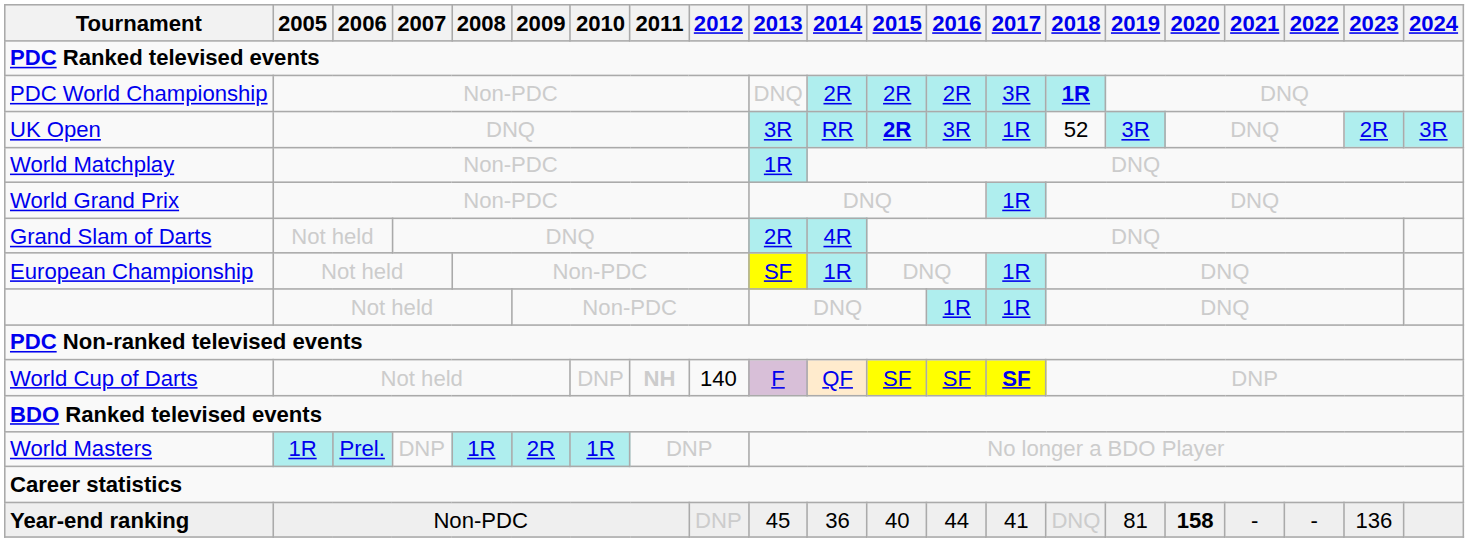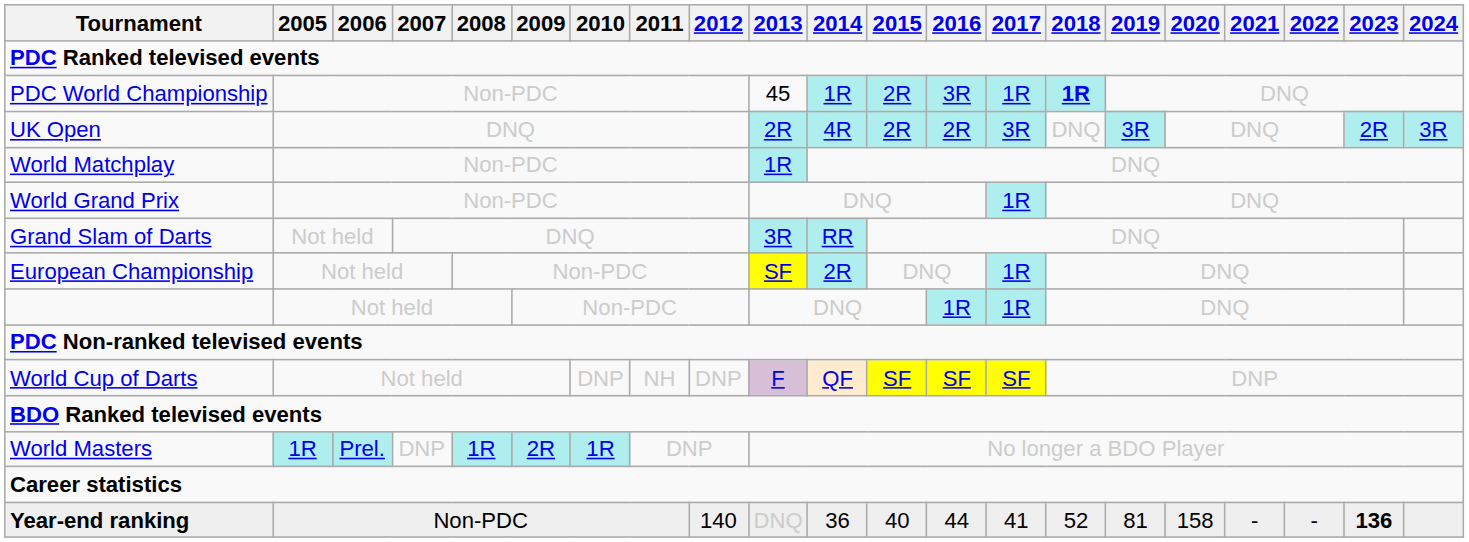 <table class=wikitable style=text-align:center;font-size:88%>
 <tr>
 <th>Tournament</th>
 <th>2005</th>
 <th>2006</th>
 <th>2007</th>
 <th>2008</th>
 <th>2009</th>
 <th>2010</th>
 <th>2011</th>
 <th><a href='#'>2012</a></th>
 <th><a href='#'>2013</a></th>
 <th><a href='#'>2014</a></th>
 <th><a href='#'>2015</a></th>
 <th><a href='#'>2016</a></th>
 <th><a href='#'>2017</a></th>
 <th><a href='#'>2018</a></th>
 <th><a href='#'>2019</a></th>
 <th><a href='#'>2020</a></th>
 <th><a href='#'>2021</a></th>
 <th><a href='#'>2022</a></th>
 <th><a href='#'>2023</a></th>
 <th><a href='#'>2024</a></th>
 </tr>
 <tr>
 <td colspan="28" align="left"><strong><a href='#'>PDC</a> Ranked televised events</strong></td>
 </tr>
 <tr>
 <td align=left><a href='#'>PDC World Championship</a></td>
 <td colspan="8" style="text-align:center; color:#ccc;">Non-PDC</td>
-<td style="text-align:center; color:#ccc;">DNQ</td>
-<td style="text-align:center; background:#afeeee;"><a href='#'>2R</a></td>
-<td style="text-align:center; background:#afeeee;"><a href='#'>2R</a></td>
+<td style="text-align:center;">45</td>
+<td style="text-align:center; background:#afeeee;"><a href='#'>1R</a></td>
 <td style="text-align:center; background:#afeeee;"><a href='#'>2R</a></td>
 <td style="text-align:center; background:#afeeee;"><a href='#'>3R</a></td>
+<td style="text-align:center; background:#afeeee;"><a href='#'>1R</a></td>
 <td style="text-align:center; background:#afeeee;"><strong><a href='#'>1R</a></strong></td>
 <td colspan="6" style="text-align:center; color:#ccc;">DNQ</td>
 </tr>
 <tr>
 <td align=left><a href='#'>UK Open</a></td>
 <td colspan="8" style="text-align:center; color:#ccc;">DNQ</td>
+<td style="text-align:center; background:#afeeee;"><a href='#'>2R</a></td>
+<td style="text-align:center; background:#afeeee;"><a href='#'>4R</a></td>
+<td style="text-align:center; background:#afeeee;"><a href='#'>2R</a></td>
+<td style="text-align:center; background:#afeeee;"><a href='#'>2R</a></td>
 <td style="text-align:center; background:#afeeee;"><a href='#'>3R</a></td>
-<td style="text-align:center; background:#afeeee;"><a href='#'>RR</a></td>
-<td style="text-align:center; background:#afeeee;"><strong><a href='#'>2R</a></strong></td>
-<td style="text-align:center; background:#afeeee;"><a href='#'>3R</a></td>
-<td style="text-align:center; background:#afeeee;"><a href='#'>1R</a></td>
-<td style="text-align:center;">52</td>
+<td style="text-align:center; color:#ccc;">DNQ</td>
 <td style="text-align:center; background:#afeeee;"><a href='#'>3R</a></td>
 <td colspan="3" style="text-align:center; color:#ccc;">DNQ</td>
 <td style="text-align:center; background:#afeeee;"><a href='#'>2R</a></td>
 <td style="text-align:center; background:#afeeee;"><a href='#'>3R</a></td>
 </tr>
 <tr>
 <td align=left><a href='#'>World Matchplay</a></td>
 <td colspan="8" style="text-align:center; color:#ccc;">Non-PDC</td>
 <td style="text-align:center; background:#afeeee;"><a href='#'>1R</a></td>
 <td colspan="11" style="text-align:center; color:#ccc;">DNQ</td>
 </tr>
 <tr>
 <td align=left><a href='#'>World Grand Prix</a></td>
 <td colspan="8" style="text-align:center; color:#ccc;">Non-PDC</td>
 <td colspan="4" style="text-align:center; color:#ccc;">DNQ</td>
 <td style="text-align:center; background:#afeeee;"><a href='#'>1R</a></td>
 <td colspan="7" style="text-align:center; color:#ccc;">DNQ</td>
 </tr>
 <tr>
 <td align=left><a href='#'>Grand Slam of Darts</a></td>
 <td colspan="2" style="text-align:center; color:#ccc;">Not held</td>
 <td colspan="6" style="text-align:center; color:#ccc;">DNQ</td>
-<td style="text-align:center; background:#afeeee;"><a href='#'>2R</a></td>
-<td style="text-align:center; background:#afeeee;"><a href='#'>4R</a></td>
+<td style="text-align:center; background:#afeeee;"><a href='#'>3R</a></td>
+<td style="text-align:center; background:#afeeee;"><a href='#'>RR</a></td>
 <td colspan="9" style="text-align:center; color:#ccc;">DNQ</td>
 <td></td>
 </tr>
 <tr>
 <td align=left><a href='#'>European Championship</a></td>
 <td colspan="3" style="text-align:center; color:#ccc;">Not held</td>
 <td colspan="5" style="text-align:center; color:#ccc;">Non-PDC</td>
 <td style="text-align:center; background:yellow;"><a href='#'>SF</a></td>
-<td style="text-align:center; background:#afeeee;"><a href='#'>1R</a></td>
+<td style="text-align:center; background:#afeeee;"><a href='#'>2R</a></td>
 <td colspan="2" style="text-align:center; color:#ccc;">DNQ</td>
 <td style="text-align:center; background:#afeeee;"><a href='#'>1R</a></td>
 <td colspan="6" style="text-align:center; color:#ccc;">DNQ</td>
 <td></td>
 </tr>
 <tr>
 <td align=left></td>
 <td colspan="4" style="text-align:center; color:#ccc;">Not held</td>
 <td colspan="4" style="text-align:center; color:#ccc;">Non-PDC</td>
 <td colspan="3" style="text-align:center; color:#ccc;">DNQ</td>
 <td style="text-align:center; background:#afeeee;"><a href='#'>1R</a></td>
 <td style="text-align:center; background:#afeeee;"><a href='#'>1R</a></td>
 <td colspan="6" style="text-align:center; color:#ccc;">DNQ</td>
 <td></td>
 </tr>
 <tr>
 <td colspan="30" align="left"><strong><a href='#'>PDC</a> Non-ranked televised events</strong></td>
 </tr>
 <tr>
 <td align=left><a href='#'>World Cup of Darts</a></td>
 <td colspan="5" style="text-align:center; color:#ccc;">Not held</td>
 <td style="text-align:center; color:#ccc;">DNP</td>
-<td style="text-align:center; color:#ccc;"><strong>NH</strong></td>
-<td style="text-align:center;">140</td>
+<td style="text-align:center; color:#ccc;">NH</td>
+<td style="text-align:center; color:#ccc;">DNP</td>
 <td style="text-align:center; background:thistle;"><a href='#'>F</a></td>
 <td style="text-align:center; background:#ffebcd;"><a href='#'>QF</a></td>
 <td style="text-align:center; background:yellow;"><a href='#'>SF</a></td>
 <td style="text-align:center; background:yellow;"><a href='#'>SF</a></td>
-<td style="text-align:center; background:yellow;"><strong><a href='#'>SF</a></strong></td>
+<td style="text-align:center; background:yellow;"><a href='#'>SF</a></td>
 <td colspan="7" style="text-align:center; color:#ccc;">DNP</td>
 </tr>
 <tr>
 <td colspan="25" align="left"><strong><a href='#'>BDO</a> Ranked televised events</strong></td>
 </tr>
 <tr>
 <td align=left><a href='#'>World Masters</a></td>
 <td style="text-align:center; background:#afeeee;"><a href='#'>1R</a></td>
 <td style="text-align:center; background:#afeeee;"><a href='#'>Prel.</a></td>
 <td style="text-align:center; color:#ccc;">DNP</td>
 <td style="text-align:center; background:#afeeee;"><a href='#'>1R</a></td>
 <td style="text-align:center; background:#afeeee;"><a href='#'>2R</a></td>
 <td style="text-align:center; background:#afeeee;"><a href='#'>1R</a></td>
 <td colspan="2" style="text-align:center; color:#ccc;">DNP</td>
 <td colspan="13" style="text-align:center; color:#ccc;">No longer a BDO Player</td>
 </tr>
 <tr>
 <td colspan="30" align="left"><strong>Career statistics</strong></td>
 </tr>
 <tr bgcolor="efefef">
 <td align="left"><strong>Year-end ranking</strong></td>
 <td colspan="7" style="text-align:center;">Non-PDC</td>
-<td style="text-align:center; color:#ccc;">DNP</td>
-<td style="text-align:center;">45</td>
+<td style="text-align:center;">140</td>
+<td style="text-align:center; color:#ccc;">DNQ</td>
 <td style="text-align:center;">36</td>
 <td style="text-align:center;">40</td>
 <td style="text-align:center;">44</td>
 <td style="text-align:center;">41</td>
-<td style="text-align:center; color:#ccc;">DNQ</td>
+<td style="text-align:center;">52</td>
 <td style="text-align:center;">81</td>
-<td style="text-align:center;"><strong>158</strong></td>
+<td style="text-align:center;">158</td>
 <td style="text-align:center;">-</td>
 <td style="text-align:center;">-</td>
-<td style="text-align:center;">136</td>
+<td style="text-align:center;"><strong>136</strong></td>
 <td></td>
 </tr>
 </table>
